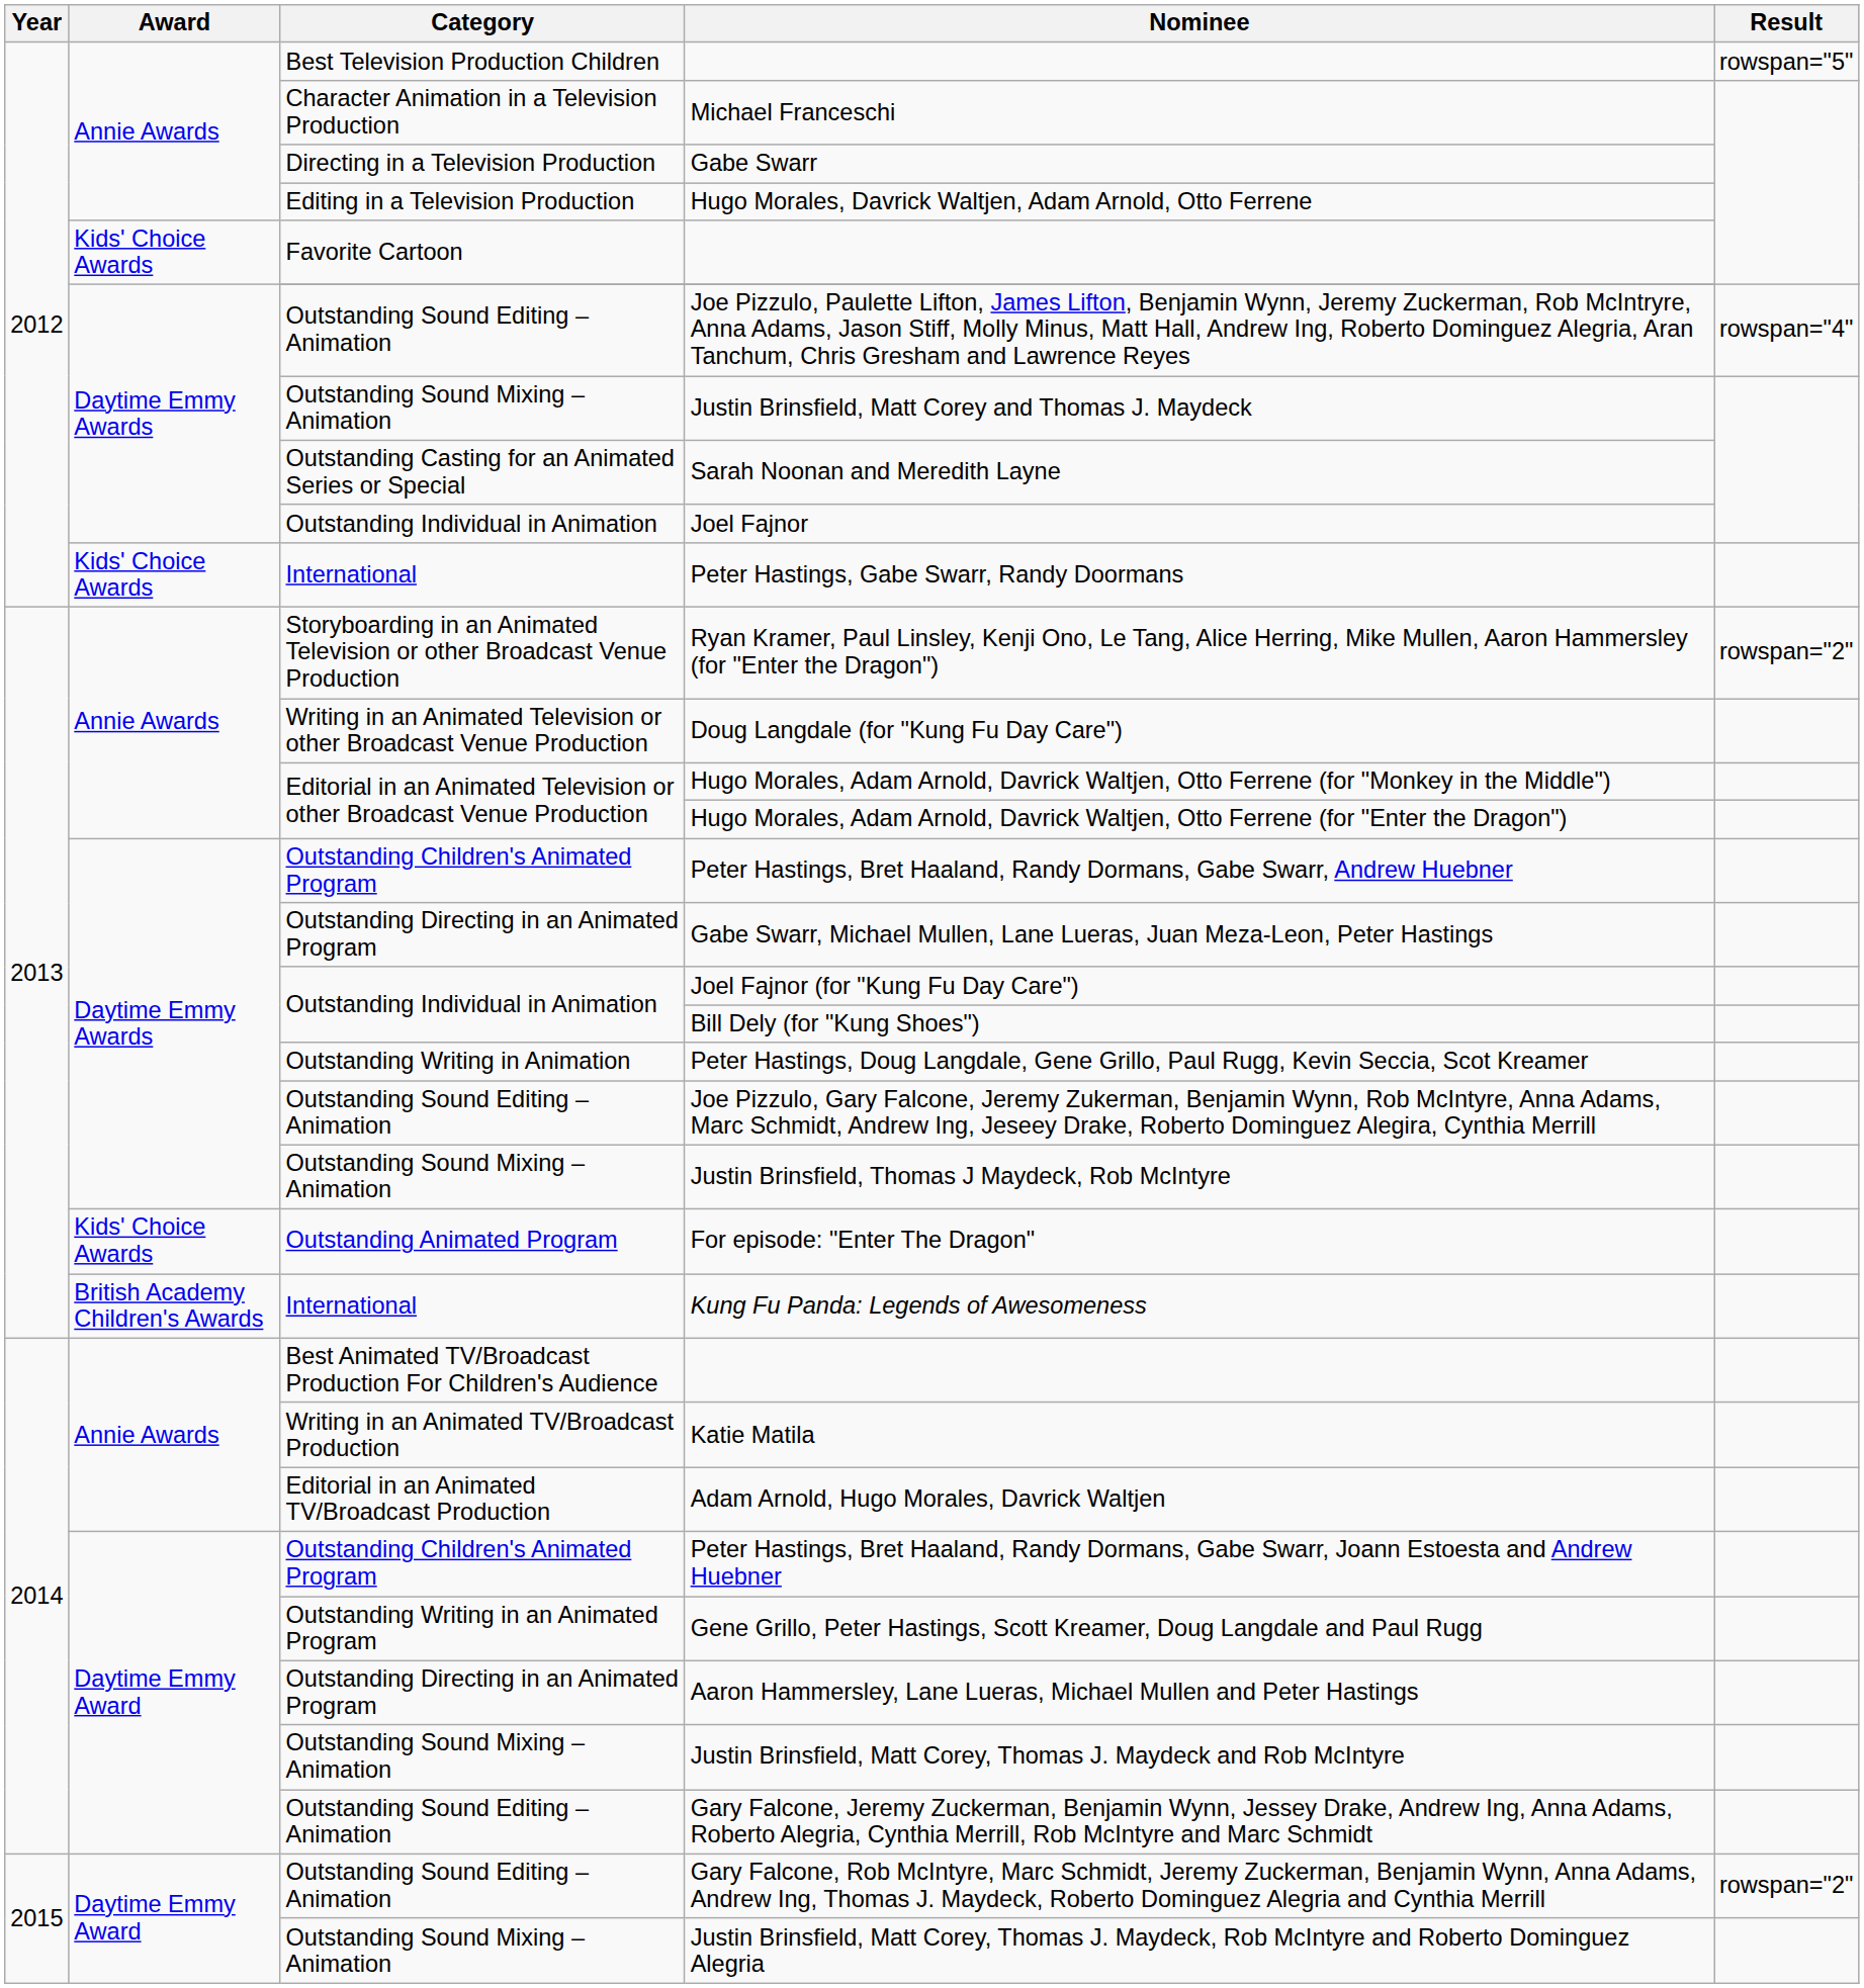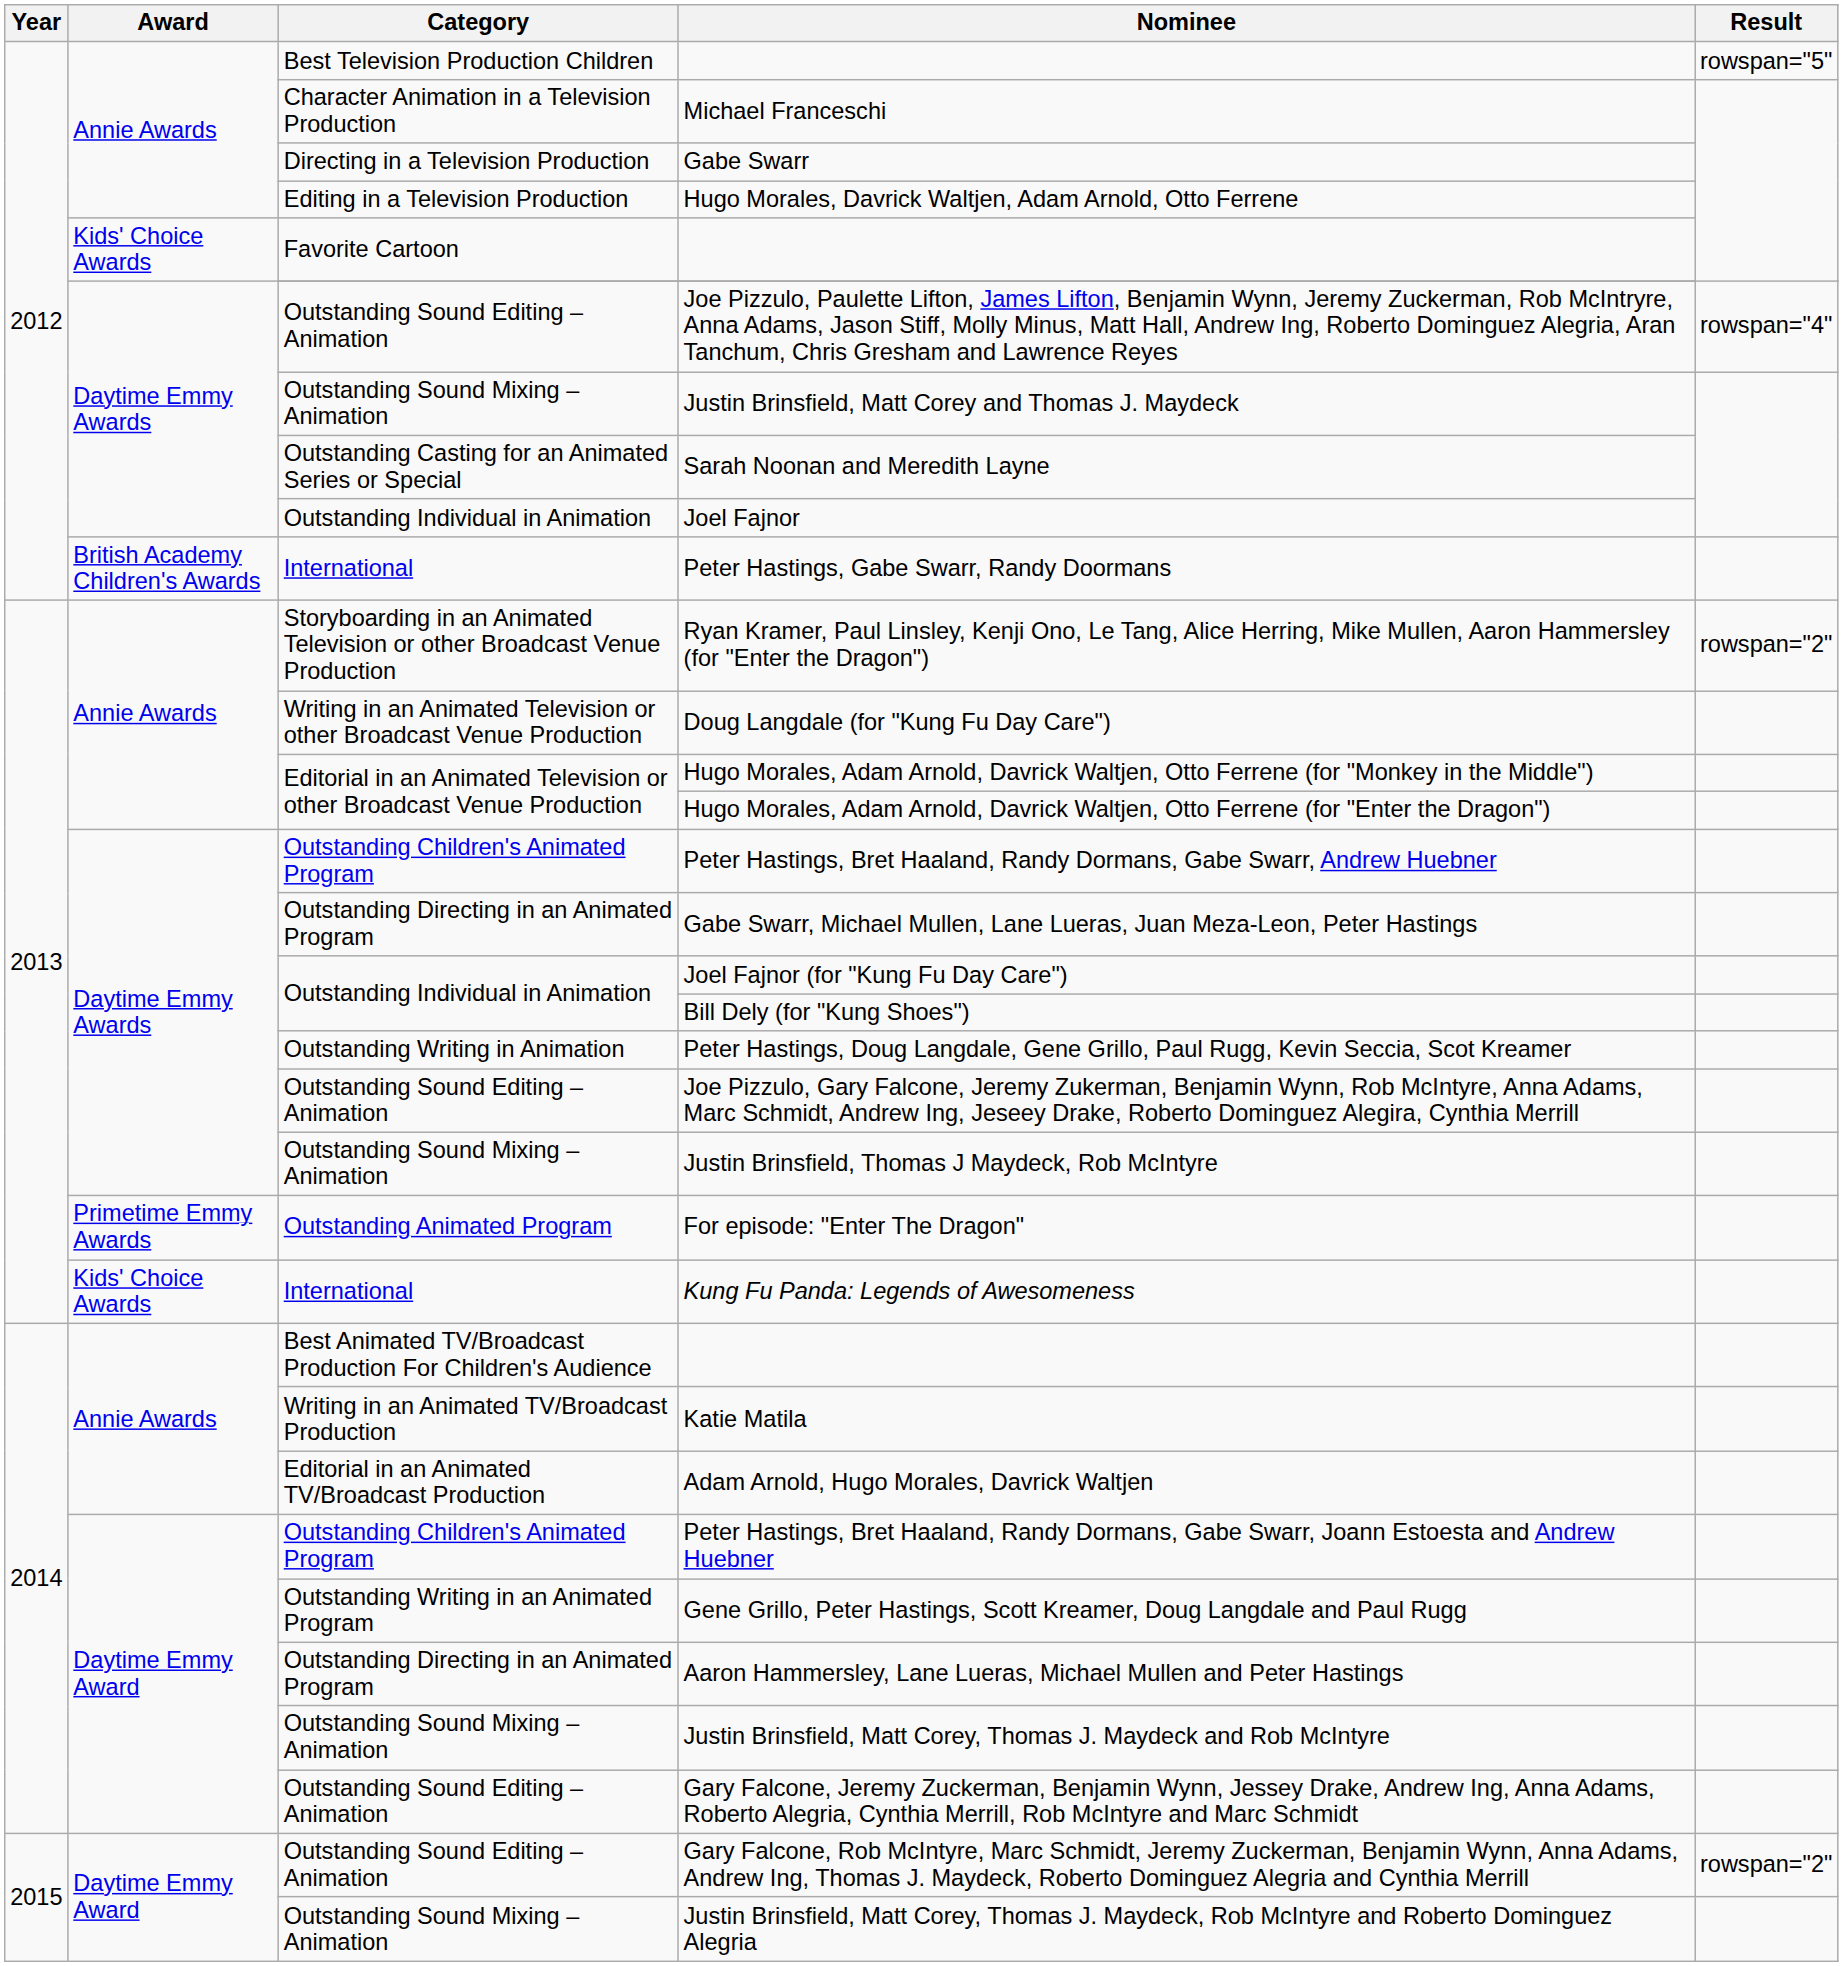 <table class=wikitable>
 <tr>
 <th>Year</th>
 <th>Award</th>
 <th>Category</th>
 <th>Nominee</th>
 <th>Result</th>
 </tr>
 <tr>
 <td rowspan="11">2012</td>
 <td rowspan="4"><a href='#'>Annie Awards</a></td>
 <td>Best Television Production Children</td>
 <td></td>
 <td>rowspan="5" </td>
 </tr>
 <tr>
 <td>Character Animation in a Television Production</td>
 <td>Michael Franceschi</td>
 </tr>
 <tr>
 <td>Directing in a Television Production</td>
 <td>Gabe Swarr</td>
 </tr>
 <tr>
 <td>Editing in a Television Production</td>
 <td>Hugo Morales, Davrick Waltjen, Adam Arnold, Otto Ferrene</td>
 </tr>
 <tr>
 <td rowspan="1"><a href='#'>Kids' Choice Awards</a></td>
 <td>Favorite Cartoon</td>
 <td></td>
 </tr>
 <tr>
 <td rowspan="5"><a href='#'>Daytime Emmy Awards</a></td>
 </tr>
 <tr>
 <td>Outstanding Sound Editing – Animation</td>
 <td>Joe Pizzulo, Paulette Lifton, <a href='#'>James Lifton</a>, Benjamin Wynn, Jeremy Zuckerman, Rob McIntryre, Anna Adams, Jason Stiff, Molly Minus, Matt Hall, Andrew Ing, Roberto Dominguez Alegria, Aran Tanchum, Chris Gresham and Lawrence Reyes</td>
 <td>rowspan="4" </td>
 </tr>
 <tr>
 <td>Outstanding Sound Mixing – Animation</td>
 <td>Justin Brinsfield, Matt Corey and Thomas J. Maydeck</td>
 </tr>
 <tr>
 <td>Outstanding Casting for an Animated Series or Special</td>
 <td>Sarah Noonan and Meredith Layne</td>
 </tr>
 <tr>
 <td>Outstanding Individual in Animation</td>
 <td>Joel Fajnor</td>
 </tr>
 <tr>
-<td rowspan="1"><a href='#'>Kids' Choice Awards</a></td>
+<td><a href='#'>British Academy Children's Awards</a></td>
 <td><a href='#'>International</a></td>
 <td>Peter Hastings, Gabe Swarr, Randy Doormans</td>
 <td></td>
 </tr>
 <tr>
 <td rowspan="13">2013</td>
 <td rowspan="4"><a href='#'>Annie Awards</a></td>
 <td>Storyboarding in an Animated Television or other Broadcast Venue Production</td>
 <td>Ryan Kramer, Paul Linsley, Kenji Ono, Le Tang, Alice Herring, Mike Mullen, Aaron Hammersley (for "Enter the Dragon")</td>
 <td>rowspan="2" </td>
 </tr>
 <tr>
 <td>Writing in an Animated Television or other Broadcast Venue Production</td>
 <td>Doug Langdale (for "Kung Fu Day Care")</td>
 </tr>
 <tr>
 <td rowspan="2">Editorial in an Animated Television or other Broadcast Venue Production</td>
 <td>Hugo Morales, Adam Arnold, Davrick Waltjen, Otto Ferrene (for "Monkey in the Middle")</td>
 <td></td>
 </tr>
 <tr>
 <td>Hugo Morales, Adam Arnold, Davrick Waltjen, Otto Ferrene (for "Enter the Dragon")</td>
 <td></td>
 </tr>
 <tr>
 <td rowspan="7"><a href='#'>Daytime Emmy Awards</a></td>
 <td><a href='#'>Outstanding Children's Animated Program</a></td>
 <td>Peter Hastings, Bret Haaland, Randy Dormans, Gabe Swarr, <a href='#'>Andrew Huebner</a></td>
 <td></td>
 </tr>
 <tr>
 <td>Outstanding Directing in an Animated Program</td>
 <td>Gabe Swarr, Michael Mullen, Lane Lueras, Juan Meza-Leon, Peter Hastings</td>
 <td></td>
 </tr>
 <tr>
 <td rowspan="2">Outstanding Individual in Animation</td>
 <td>Joel Fajnor (for "Kung Fu Day Care")</td>
 <td></td>
 </tr>
 <tr>
 <td>Bill Dely (for "Kung Shoes")</td>
 <td></td>
 </tr>
 <tr>
 <td>Outstanding Writing in Animation</td>
 <td>Peter Hastings, Doug Langdale, Gene Grillo, Paul Rugg, Kevin Seccia, Scot Kreamer</td>
 <td></td>
 </tr>
 <tr>
 <td>Outstanding Sound Editing – Animation</td>
 <td>Joe Pizzulo, Gary Falcone, Jeremy Zukerman, Benjamin Wynn, Rob McIntyre, Anna Adams, Marc Schmidt, Andrew Ing, Jeseey Drake, Roberto Dominguez Alegira, Cynthia Merrill</td>
 <td></td>
 </tr>
 <tr>
 <td>Outstanding Sound Mixing – Animation</td>
 <td>Justin Brinsfield, Thomas J Maydeck, Rob McIntyre</td>
 <td></td>
 </tr>
 <tr>
-<td rowspan="1"><a href='#'>Kids' Choice Awards</a></td>
+<td><a href='#'>Primetime Emmy Awards</a></td>
 <td><a href='#'>Outstanding Animated Program</a></td>
 <td>For episode: "Enter The Dragon"</td>
 <td></td>
 </tr>
 <tr>
-<td><a href='#'>British Academy Children's Awards</a></td>
+<td rowspan="1"><a href='#'>Kids' Choice Awards</a></td>
 <td><a href='#'>International</a></td>
 <td><em>Kung Fu Panda: Legends of Awesomeness</em></td>
 <td></td>
 </tr>
 <tr>
 <td rowspan=8>2014</td>
 <td rowspan=3><a href='#'>Annie Awards</a></td>
 <td>Best Animated TV/Broadcast Production For Children's Audience</td>
 <td></td>
 <td></td>
 </tr>
 <tr>
 <td>Writing in an Animated TV/Broadcast Production</td>
 <td>Katie Matila</td>
 <td></td>
 </tr>
 <tr>
 <td>Editorial in an Animated TV/Broadcast Production</td>
 <td>Adam Arnold, Hugo Morales, Davrick Waltjen</td>
 <td></td>
 </tr>
 <tr>
 <td rowspan="5"><a href='#'>Daytime Emmy Award</a></td>
 <td><a href='#'>Outstanding Children's Animated Program</a></td>
 <td>Peter Hastings, Bret Haaland, Randy Dormans, Gabe Swarr, Joann Estoesta and <a href='#'>Andrew Huebner</a></td>
 <td></td>
 </tr>
 <tr>
 <td>Outstanding Writing in an Animated Program</td>
 <td>Gene Grillo, Peter Hastings, Scott Kreamer, Doug Langdale and Paul Rugg</td>
 <td></td>
 </tr>
 <tr>
 <td>Outstanding Directing in an Animated Program</td>
 <td>Aaron Hammersley, Lane Lueras, Michael Mullen and Peter Hastings</td>
 <td></td>
 </tr>
 <tr>
 <td>Outstanding Sound Mixing – Animation</td>
 <td>Justin Brinsfield, Matt Corey, Thomas J. Maydeck and Rob McIntyre</td>
 <td></td>
 </tr>
 <tr>
 <td>Outstanding Sound Editing – Animation</td>
 <td>Gary Falcone, Jeremy Zuckerman, Benjamin Wynn, Jessey Drake, Andrew Ing, Anna Adams, Roberto Alegria, Cynthia Merrill, Rob McIntyre and Marc Schmidt</td>
 <td></td>
 </tr>
 <tr>
 <td rowspan=2>2015</td>
 <td rowspan="2"><a href='#'>Daytime Emmy Award</a></td>
 <td>Outstanding Sound Editing – Animation</td>
 <td>Gary Falcone, Rob McIntyre, Marc Schmidt, Jeremy Zuckerman, Benjamin Wynn, Anna Adams, Andrew Ing, Thomas J. Maydeck, Roberto Dominguez Alegria and Cynthia Merrill</td>
 <td>rowspan="2" </td>
 </tr>
 <tr>
 <td>Outstanding Sound Mixing – Animation</td>
 <td>Justin Brinsfield, Matt Corey, Thomas J. Maydeck, Rob McIntyre and Roberto Dominguez Alegria</td>
 </tr>
 </table>
